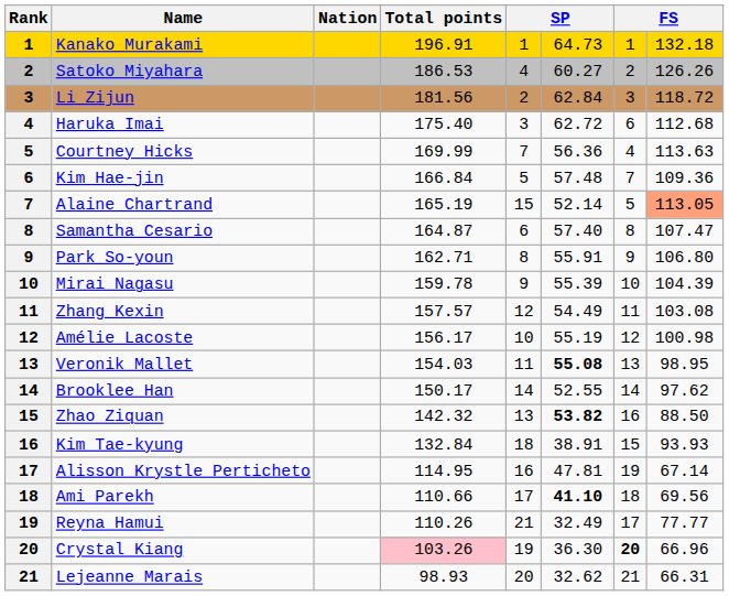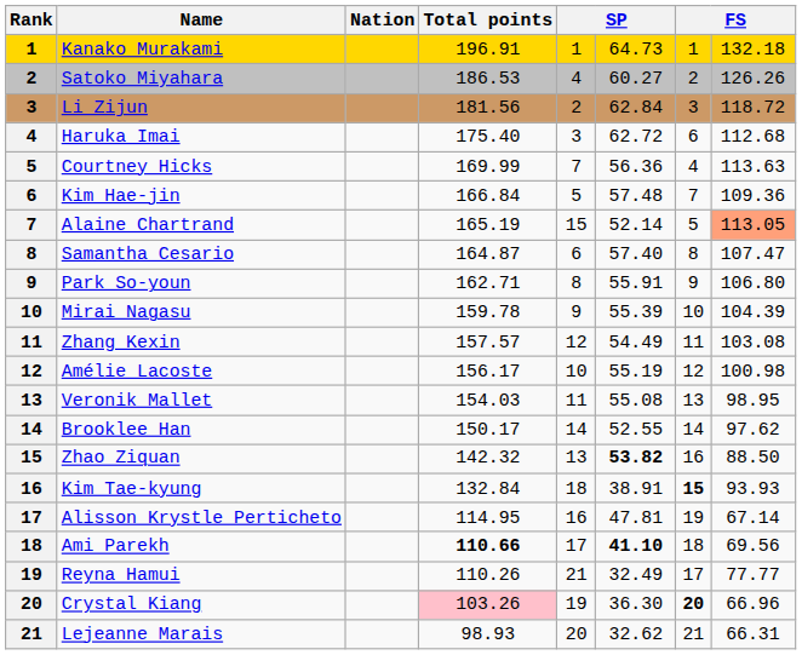 <table class="wikitable sortable">
 <tr>
 <th>Rank</th>
 <th>Name</th>
 <th>Nation</th>
 <th>Total points</th>
 <th colspan="2" width="80px"><a href='#'>SP</a></th>
 <th colspan="2" width="80px"><a href='#'>FS</a></th>
 </tr>
 <tr bgcolor="gold">
 <td align="center"><strong>1</strong></td>
 <td><a href='#'>Kanako Murakami</a></td>
 <td></td>
 <td align="center">196.91</td>
 <td align="center">1</td>
 <td align="center">64.73</td>
 <td align="center">1</td>
 <td align="center">132.18</td>
 </tr>
 <tr bgcolor="silver">
 <td align="center"><strong>2</strong></td>
 <td><a href='#'>Satoko Miyahara</a></td>
 <td></td>
 <td align="center">186.53</td>
 <td align="center">4</td>
 <td align="center">60.27</td>
 <td align="center">2</td>
 <td align="center">126.26</td>
 </tr>
 <tr bgcolor="cc9966">
 <td align="center"><strong>3</strong></td>
 <td><a href='#'>Li Zijun</a></td>
 <td></td>
 <td align="center">181.56</td>
 <td align="center">2</td>
 <td align="center">62.84</td>
 <td align="center">3</td>
 <td align="center">118.72</td>
 </tr>
 <tr>
 <th>4</th>
 <td><a href='#'>Haruka Imai</a></td>
 <td></td>
 <td align="center">175.40</td>
 <td align="center">3</td>
 <td align="center">62.72</td>
 <td align="center">6</td>
 <td align="center">112.68</td>
 </tr>
 <tr>
 <th>5</th>
 <td><a href='#'>Courtney Hicks</a></td>
 <td></td>
 <td align="center">169.99</td>
 <td align="center">7</td>
 <td align="center">56.36</td>
 <td align="center">4</td>
 <td align="center">113.63</td>
 </tr>
 <tr>
 <th>6</th>
 <td><a href='#'>Kim Hae-jin</a></td>
 <td></td>
 <td align="center">166.84</td>
 <td align="center">5</td>
 <td align="center">57.48</td>
 <td align="center">7</td>
 <td align="center">109.36</td>
 </tr>
 <tr>
 <th>7</th>
 <td><a href='#'>Alaine Chartrand</a></td>
 <td></td>
 <td align="center">165.19</td>
 <td align="center">15</td>
 <td align="center">52.14</td>
 <td align="center">5</td>
 <td align="center" style="background: lightsalmon;">113.05</td>
 </tr>
 <tr>
 <th>8</th>
 <td><a href='#'>Samantha Cesario</a></td>
 <td></td>
 <td align="center">164.87</td>
 <td align="center">6</td>
 <td align="center">57.40</td>
 <td align="center">8</td>
 <td align="center">107.47</td>
 </tr>
 <tr>
 <th>9</th>
 <td><a href='#'>Park So-youn</a></td>
 <td></td>
 <td align="center">162.71</td>
 <td align="center">8</td>
 <td align="center">55.91</td>
 <td align="center">9</td>
 <td align="center">106.80</td>
 </tr>
 <tr>
 <th>10</th>
 <td><a href='#'>Mirai Nagasu</a></td>
 <td></td>
 <td align="center">159.78</td>
 <td align="center">9</td>
 <td align="center">55.39</td>
 <td align="center">10</td>
 <td align="center">104.39</td>
 </tr>
 <tr>
 <th>11</th>
 <td><a href='#'>Zhang Kexin</a></td>
 <td></td>
 <td align="center">157.57</td>
 <td align="center">12</td>
 <td align="center">54.49</td>
 <td align="center">11</td>
 <td align="center">103.08</td>
 </tr>
 <tr>
 <th>12</th>
 <td><a href='#'>Amélie Lacoste</a></td>
 <td></td>
 <td align="center">156.17</td>
 <td align="center">10</td>
 <td align="center">55.19</td>
 <td align="center">12</td>
 <td align="center">100.98</td>
 </tr>
 <tr>
 <th>13</th>
 <td><a href='#'>Veronik Mallet</a></td>
 <td></td>
 <td align="center">154.03</td>
 <td align="center">11</td>
-<td align="center"><strong>55.08</strong></td>
+<td align="center">55.08</td>
 <td align="center">13</td>
 <td align="center">98.95</td>
 </tr>
 <tr>
 <th>14</th>
 <td><a href='#'>Brooklee Han</a></td>
 <td></td>
 <td align="center">150.17</td>
 <td align="center">14</td>
 <td align="center">52.55</td>
 <td align="center">14</td>
 <td align="center">97.62</td>
 </tr>
 <tr>
 <th>15</th>
 <td><a href='#'>Zhao Ziquan</a></td>
 <td></td>
 <td align="center">142.32</td>
 <td align="center">13</td>
 <td align="center"><strong>53.82</strong></td>
 <td align="center">16</td>
 <td align="center">88.50</td>
 </tr>
 <tr>
 <th>16</th>
 <td><a href='#'>Kim Tae-kyung</a></td>
 <td></td>
 <td align="center">132.84</td>
 <td align="center">18</td>
 <td align="center">38.91</td>
-<td align="center">15</td>
+<td align="center"><strong>15</strong></td>
 <td align="center">93.93</td>
 </tr>
 <tr>
 <th>17</th>
 <td><a href='#'>Alisson Krystle Perticheto</a></td>
 <td></td>
 <td align="center">114.95</td>
 <td align="center">16</td>
 <td align="center">47.81</td>
 <td align="center">19</td>
 <td align="center">67.14</td>
 </tr>
 <tr>
 <th>18</th>
 <td><a href='#'>Ami Parekh</a></td>
 <td></td>
-<td align="center">110.66</td>
+<td align="center"><strong>110.66</strong></td>
 <td align="center">17</td>
 <td align="center"><strong>41.10</strong></td>
 <td align="center">18</td>
 <td align="center">69.56</td>
 </tr>
 <tr>
 <th>19</th>
 <td><a href='#'>Reyna Hamui</a></td>
 <td></td>
 <td align="center">110.26</td>
 <td align="center">21</td>
 <td align="center">32.49</td>
 <td align="center">17</td>
 <td align="center">77.77</td>
 </tr>
 <tr>
 <th>20</th>
 <td><a href='#'>Crystal Kiang</a></td>
 <td></td>
 <td align="center" style="background: pink;">103.26</td>
 <td align="center">19</td>
 <td align="center">36.30</td>
 <td align="center"><strong>20</strong></td>
 <td align="center">66.96</td>
 </tr>
 <tr>
 <th>21</th>
 <td><a href='#'>Lejeanne Marais</a></td>
 <td></td>
 <td align="center">98.93</td>
 <td align="center">20</td>
 <td align="center">32.62</td>
 <td align="center">21</td>
 <td align="center">66.31</td>
 </tr>
 </table>
